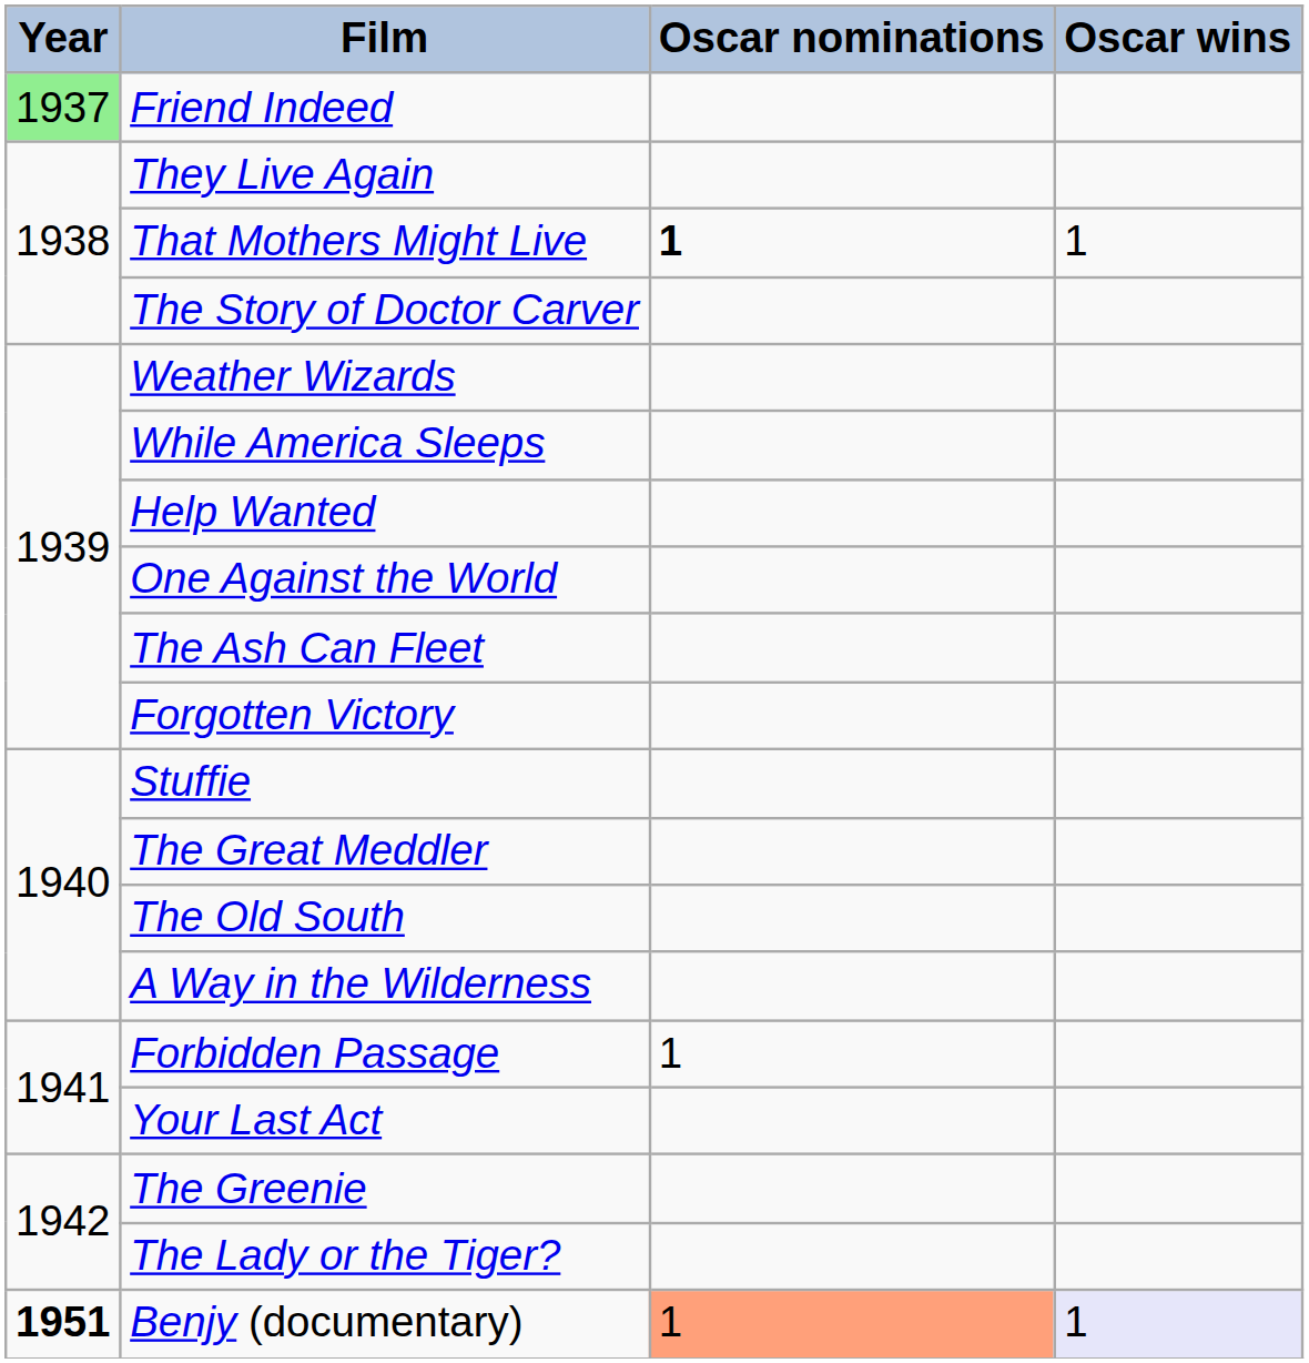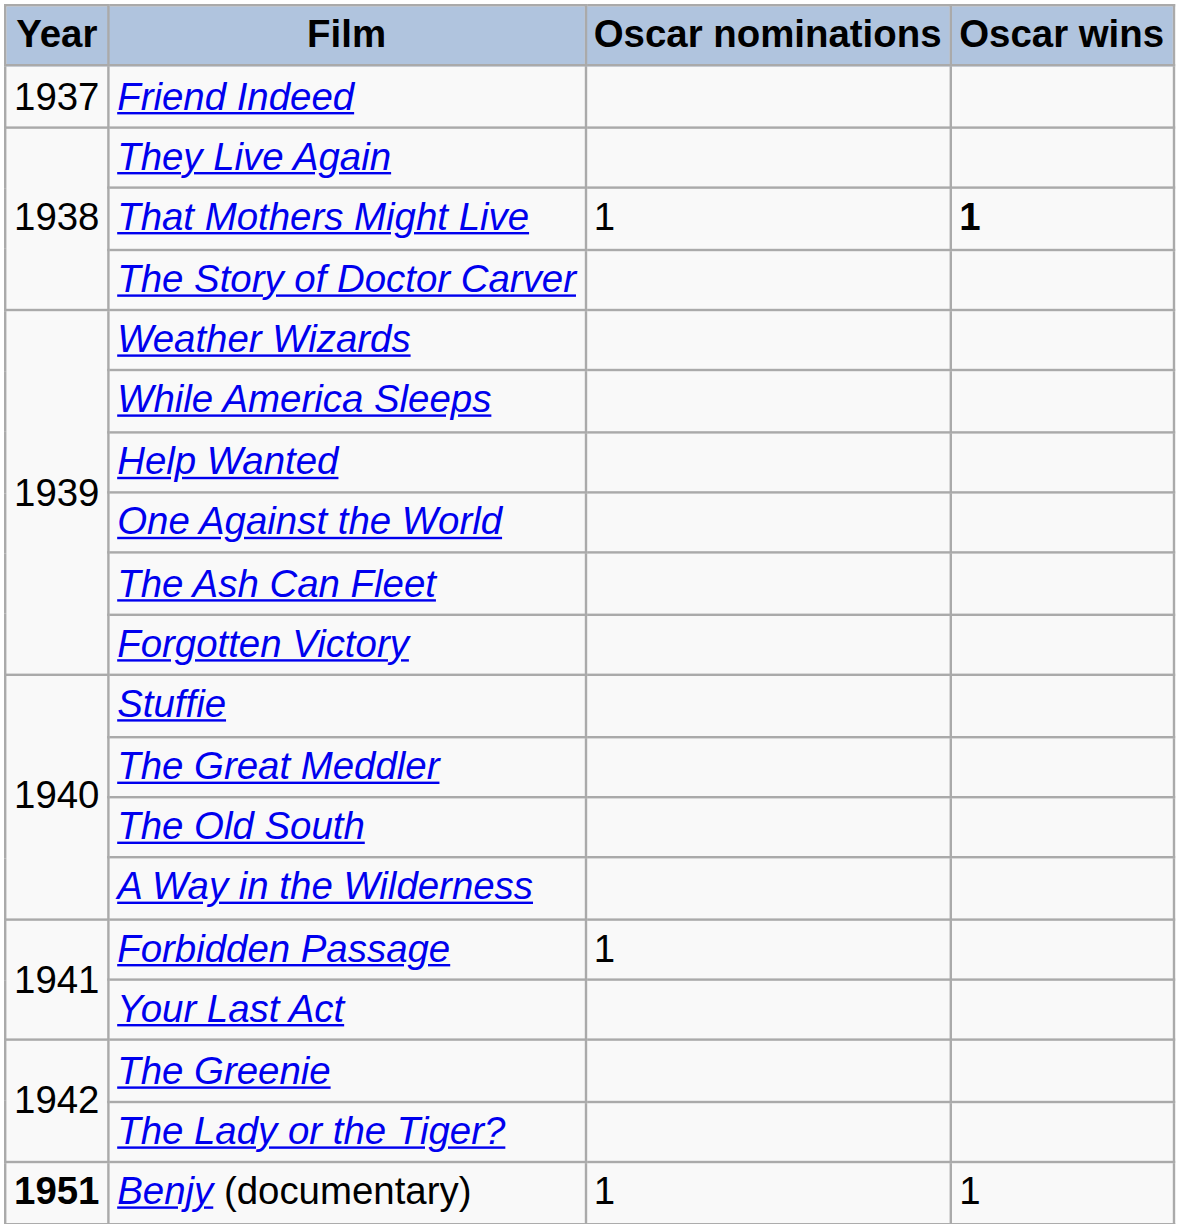 <table class="wikitable">
 <tr>
 <th style="background:#B0C4DE;">Year</th>
 <th style="background:#B0C4DE;">Film</th>
 <th style="background:#B0C4DE;">Oscar nominations</th>
 <th style="background:#B0C4DE;">Oscar wins</th>
 </tr>
 <tr>
-<td style="background: lightgreen;">1937</td>
+<td>1937</td>
 <td><em><a href='#'>Friend Indeed</a></em></td>
 <td></td>
 <td></td>
 </tr>
 <tr>
 <td rowspan=3>1938</td>
 <td><em><a href='#'>They Live Again</a></em></td>
 <td></td>
 <td></td>
 </tr>
 <tr>
 <td><em><a href='#'>That Mothers Might Live</a></em></td>
+<td>1</td>
 <td><strong>1</strong></td>
-<td>1</td>
 </tr>
 <tr>
 <td><em><a href='#'>The Story of Doctor Carver</a></em></td>
 <td></td>
 <td></td>
 </tr>
 <tr>
 <td rowspan=6>1939</td>
 <td><em><a href='#'>Weather Wizards</a></em></td>
 <td></td>
 <td></td>
 </tr>
 <tr>
 <td><em><a href='#'>While America Sleeps</a></em></td>
 <td></td>
 <td></td>
 </tr>
 <tr>
 <td><em><a href='#'>Help Wanted</a></em></td>
 <td></td>
 <td></td>
 </tr>
 <tr>
 <td><em><a href='#'>One Against the World</a></em></td>
 <td></td>
 <td></td>
 </tr>
 <tr>
 <td><em><a href='#'>The Ash Can Fleet</a></em></td>
 <td></td>
 <td></td>
 </tr>
 <tr>
 <td><em><a href='#'>Forgotten Victory</a></em></td>
 <td></td>
 <td></td>
 </tr>
 <tr>
 <td rowspan=4>1940</td>
 <td><em><a href='#'>Stuffie</a></em></td>
 <td></td>
 <td></td>
 </tr>
 <tr>
 <td><em><a href='#'>The Great Meddler</a></em></td>
 <td></td>
 <td></td>
 </tr>
 <tr>
 <td><em><a href='#'>The Old South</a></em></td>
 <td></td>
 <td></td>
 </tr>
 <tr>
 <td><em><a href='#'>A Way in the Wilderness</a></em></td>
 <td></td>
 <td></td>
 </tr>
 <tr>
 <td rowspan=2>1941</td>
 <td><em><a href='#'>Forbidden Passage</a></em></td>
 <td>1</td>
 <td></td>
 </tr>
 <tr>
 <td><em><a href='#'>Your Last Act</a></em></td>
 <td></td>
 <td></td>
 </tr>
 <tr>
 <td rowspan=2>1942</td>
 <td><em><a href='#'>The Greenie</a></em></td>
 <td></td>
 <td></td>
 </tr>
 <tr>
 <td><em><a href='#'>The Lady or the Tiger?</a></em></td>
 <td></td>
 <td></td>
 </tr>
 <tr>
 <td><strong>1951</strong></td>
 <td><em><a href='#'>Benjy</a></em> (documentary)</td>
-<td style="background: lightsalmon;">1</td>
-<td style="background: lavender;">1</td>
+<td>1</td>
+<td>1</td>
 </tr>
 <tr>
 </tr>
 </table>
